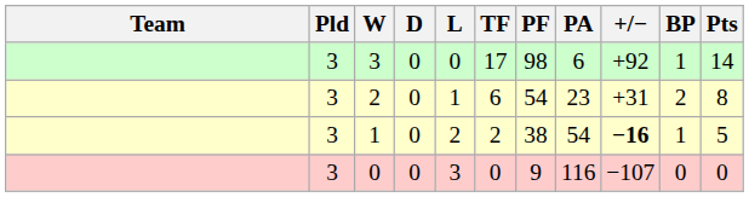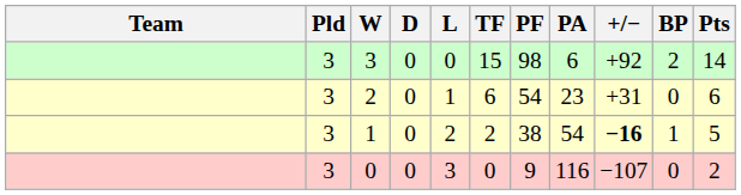 <table class="wikitable" style="text-align:center">
 <tr>
 <th width="200">Team</th>
 <th width="20">Pld</th>
 <th width="20">W</th>
 <th width="20">D</th>
 <th width="20">L</th>
 <th width="20">TF</th>
 <th width="20">PF</th>
 <th width="20">PA</th>
 <th width="25">+/−</th>
 <th width="20">BP</th>
 <th width="20">Pts</th>
 </tr>
 <tr style="background:#cfc;">
 <td align=left></td>
 <td>3</td>
 <td>3</td>
 <td>0</td>
 <td>0</td>
-<td>17</td>
+<td>15</td>
 <td>98</td>
 <td>6</td>
 <td>+92</td>
-<td>1</td>
+<td>2</td>
 <td>14</td>
 </tr>
 <tr style="background:#ffc;">
 <td align=left></td>
 <td>3</td>
 <td>2</td>
 <td>0</td>
 <td>1</td>
 <td>6</td>
 <td>54</td>
 <td>23</td>
 <td>+31</td>
-<td>2</td>
-<td>8</td>
+<td>0</td>
+<td>6</td>
 </tr>
 <tr style="background:#ffc;">
 <td align=left></td>
 <td>3</td>
 <td>1</td>
 <td>0</td>
 <td>2</td>
 <td>2</td>
 <td>38</td>
 <td>54</td>
 <td><strong>−16</strong></td>
 <td>1</td>
 <td>5</td>
 </tr>
 <tr style="background:#fcc;">
 <td align=left></td>
 <td>3</td>
 <td>0</td>
 <td>0</td>
 <td>3</td>
 <td>0</td>
 <td>9</td>
 <td>116</td>
 <td>−107</td>
 <td>0</td>
-<td>0</td>
+<td>2</td>
 </tr>
 </table>
